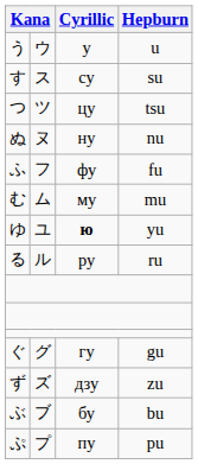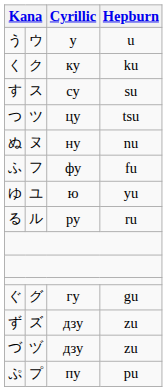 <table class="wikitable" style="text-align:center; display:inline-table;">
 <tr>
 <th colspan="2"><a href='#'>Kana</a></th>
 <th><a href='#'>Cyrillic</a></th>
 <th><a href='#'>Hepburn</a></th>
 </tr>
 <tr>
 <td>う</td>
 <td>ウ</td>
 <td>у</td>
 <td>u</td>
+</tr>
+<tr>
+<td>く</td>
+<td>ク</td>
+<td>ку</td>
+<td>ku</td>
 </tr>
 <tr>
 <td>す</td>
 <td>ス</td>
 <td>су</td>
 <td>su</td>
 </tr>
 <tr>
 <td>つ</td>
 <td>ツ</td>
 <td>цу</td>
 <td>tsu</td>
 </tr>
 <tr>
 <td>ぬ</td>
 <td>ヌ</td>
 <td>ну</td>
 <td>nu</td>
 </tr>
 <tr>
 <td>ふ</td>
 <td>フ</td>
 <td>фу</td>
 <td>fu</td>
 </tr>
 <tr>
-<td>む</td>
-<td>ム</td>
-<td>му</td>
-<td>mu</td>
-</tr>
-<tr>
 <td>ゆ</td>
 <td>ユ</td>
-<td><strong>ю</strong></td>
+<td>ю</td>
 <td>yu</td>
 </tr>
 <tr>
 <td>る</td>
 <td>ル</td>
 <td>ру</td>
 <td>ru</td>
 </tr>
 <tr>
 <td colspan="4"> </td>
 </tr>
 <tr>
 <td colspan="4"> </td>
 </tr>
 <tr>
 <td colspan="4"></td>
 </tr>
 <tr>
 <td>ぐ</td>
 <td>グ</td>
 <td>гу</td>
 <td>gu</td>
 </tr>
 <tr>
 <td>ず</td>
 <td>ズ</td>
 <td>дзу</td>
 <td>zu</td>
 </tr>
 <tr>
-<td>ぶ</td>
-<td>ブ</td>
-<td>бу</td>
-<td>bu</td>
+<td>づ</td>
+<td>ヅ</td>
+<td>дзу</td>
+<td>zu</td>
 </tr>
 <tr>
 <td>ぷ</td>
 <td>プ</td>
 <td>пу</td>
 <td>pu</td>
 </tr>
 </table>
